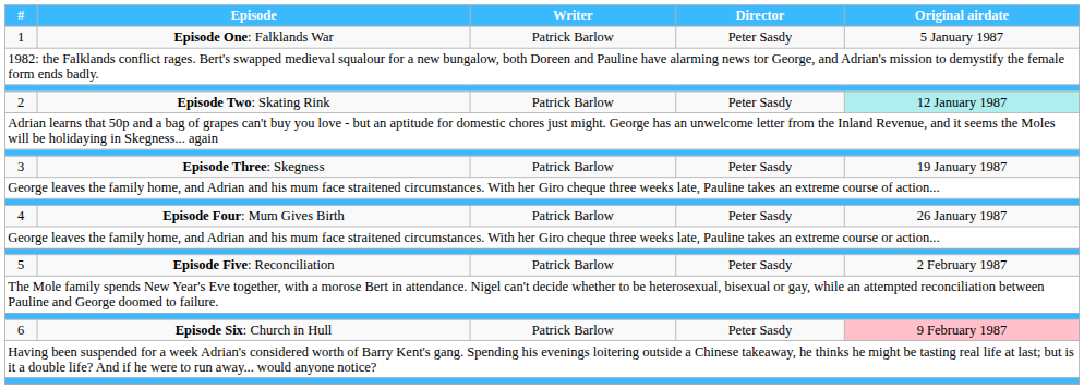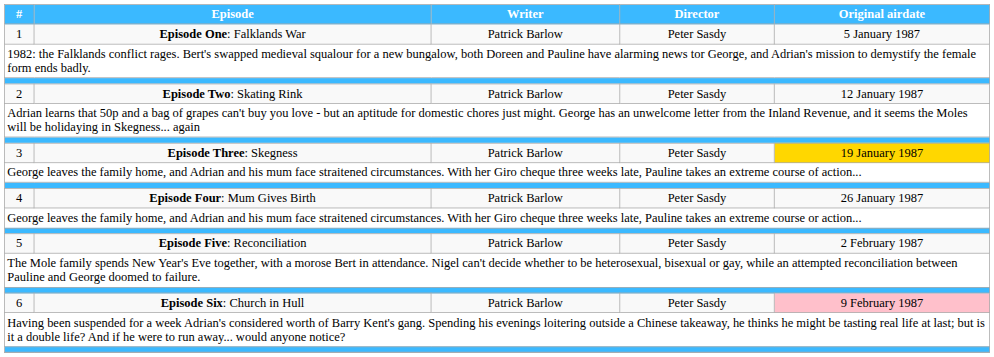 <table class="wikitable" style="width:100%;">
 <tr>
 <th style="background-color: #3BB9FF; color:white">#</th>
 <th style="background: #3BB9FF; color:white">Episode</th>
 <th style="background: #3BB9FF; color:white">Writer</th>
 <th style="background: #3BB9FF; color:white">Director</th>
 <th style="background: #3BB9FF; color:white">Original airdate</th>
 </tr>
 <tr>
 <td align="center">1</td>
 <td align="center"><strong>Episode One</strong>: Falklands War</td>
 <td align="center">Patrick Barlow</td>
 <td align="center">Peter Sasdy</td>
 <td align="center">5 January 1987</td>
 </tr>
 <tr>
 <td style="background:white" colspan="5">1982: the Falklands conflict rages. Bert's swapped medieval squalour for a new bungalow, both Doreen and Pauline have alarming news tor George, and Adrian's mission to demystify the female form ends badly.</td>
 </tr>
 <tr style="background:#3BB9FF; height:2px">
 <td colspan="5"></td>
 </tr>
 <tr>
 <td align="center">2</td>
 <td align="center"><strong>Episode Two</strong>: Skating Rink</td>
 <td align="center">Patrick Barlow</td>
 <td align="center">Peter Sasdy</td>
-<td align="center" style="background: paleturquoise;">12 January 1987</td>
+<td align="center">12 January 1987</td>
 </tr>
 <tr>
 <td style="background:white" colspan="5">Adrian learns that 50p and a bag of grapes can't buy you love - but an aptitude for domestic chores just might. George has an unwelcome letter from the Inland Revenue, and it seems the Moles will be holidaying in Skegness... again</td>
 </tr>
 <tr style="background:#3BB9FF; height:2px">
 <td colspan="5"></td>
 </tr>
 <tr>
 <td align="center">3</td>
 <td align="center"><strong>Episode Three</strong>: Skegness</td>
 <td align="center">Patrick Barlow</td>
 <td align="center">Peter Sasdy</td>
-<td align="center">19 January 1987</td>
+<td align="center" style="background: gold;">19 January 1987</td>
 </tr>
 <tr>
 <td style="background:white" colspan="5">George leaves the family home, and Adrian and his mum face straitened circumstances. With her Giro cheque three weeks late, Pauline takes an extreme course of action...</td>
 </tr>
 <tr style="background:#3BB9FF; height:2px">
 <td colspan="5"></td>
 </tr>
 <tr>
 <td align="center">4</td>
 <td align="center"><strong>Episode Four</strong>: Mum Gives Birth</td>
 <td align="center">Patrick Barlow</td>
 <td align="center">Peter Sasdy</td>
 <td align="center">26 January 1987</td>
 </tr>
 <tr>
 <td style="background:white" colspan="5">George leaves the family home, and Adrian and his mum face straitened circumstances. With her Giro cheque three weeks late, Pauline takes an extreme course or action...</td>
 </tr>
 <tr style="background:#3BB9FF; height:2px">
 <td colspan="5"></td>
 </tr>
 <tr>
 <td align="center">5</td>
 <td align="center"><strong>Episode Five</strong>: Reconciliation</td>
 <td align="center">Patrick Barlow</td>
 <td align="center">Peter Sasdy</td>
 <td align="center">2 February 1987</td>
 </tr>
 <tr>
 <td style="background:white" colspan="5">The Mole family spends New Year's Eve together, with a morose Bert in attendance. Nigel can't decide whether to be heterosexual, bisexual or gay, while an attempted reconciliation between Pauline and George doomed to failure.</td>
 </tr>
 <tr style="background:#3BB9FF; height:2px">
 <td colspan="5"></td>
 </tr>
 <tr>
 <td align="center">6</td>
 <td align="center"><strong>Episode Six</strong>: Church in Hull</td>
 <td align="center">Patrick Barlow</td>
 <td align="center">Peter Sasdy</td>
 <td align="center" style="background: pink;">9 February 1987</td>
 </tr>
 <tr>
 <td style="background:white" colspan="5">Having been suspended for a week Adrian's considered worth of Barry Kent's gang. Spending his evenings loitering outside a Chinese takeaway, he thinks he might be tasting real life at last; but is it a double life? And if he were to run away... would anyone notice?</td>
 </tr>
 <tr style="background:#3BB9FF; height:2px">
 <td colspan="5"></td>
 </tr>
 <tr>
 </tr>
 </table>
